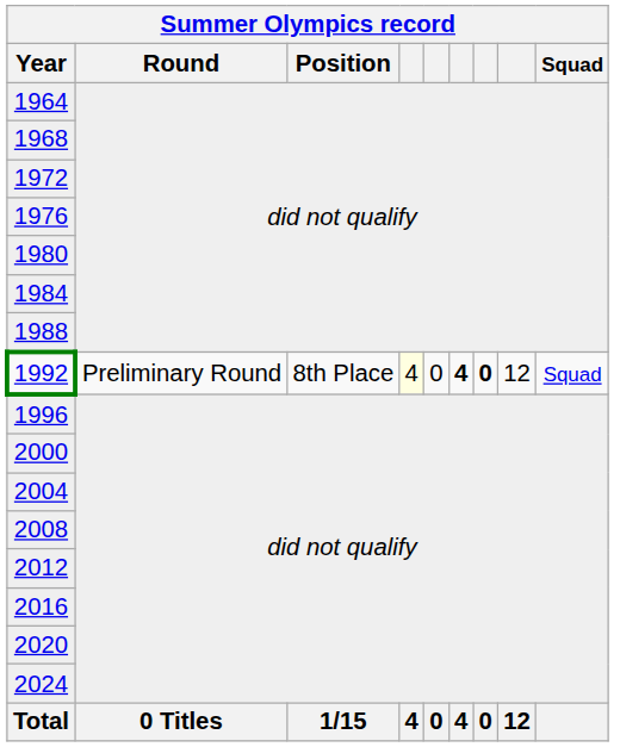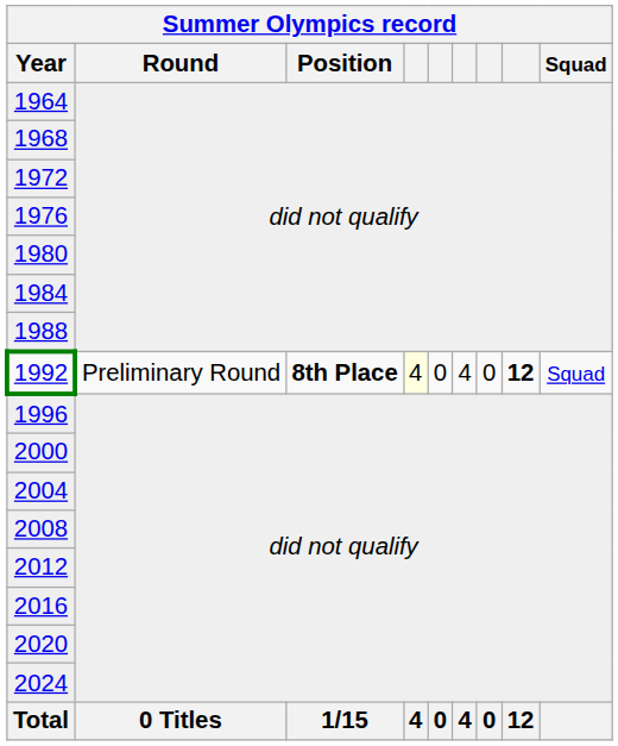 <table class="wikitable" style="text-align: center;">
 <tr>
 <th colspan=9><a href='#'>Summer Olympics record</a></th>
 </tr>
 <tr>
 <th>Year</th>
 <th>Round</th>
 <th>Position</th>
 <th></th>
 <th></th>
 <th></th>
 <th></th>
 <th></th>
 <th><small>Squad</small></th>
 </tr>
 <tr bgcolor="efefef">
 <td> <a href='#'>1964</a></td>
 <td colspan=9 rowspan=7 align=center><em>did not qualify</em></td>
 </tr>
 <tr bgcolor="efefef">
 <td> <a href='#'>1968</a></td>
 </tr>
 <tr bgcolor="efefef">
 <td> <a href='#'>1972</a></td>
 </tr>
 <tr bgcolor="efefef">
 <td> <a href='#'>1976</a></td>
 </tr>
 <tr bgcolor="efefef">
 <td> <a href='#'>1980</a></td>
 </tr>
 <tr bgcolor="efefef">
 <td> <a href='#'>1984</a></td>
 </tr>
 <tr bgcolor="efefef">
 <td> <a href='#'>1988</a></td>
 </tr>
 <tr>
 <td Style="border: 3px solid green"> <a href='#'>1992</a></td>
 <td>Preliminary Round</td>
-<td>8th Place</td>
+<td><strong>8th Place</strong></td>
 <td style="background: lightyellow;">4</td>
 <td>0</td>
-<td><strong>4</strong></td>
-<td><strong>0</strong></td>
-<td>12</td>
+<td>4</td>
+<td>0</td>
+<td><strong>12</strong></td>
 <td><small><a href='#'>Squad</a></small></td>
 </tr>
 <tr bgcolor="efefef">
 <td> <a href='#'>1996</a></td>
 <td colspan=10 rowspan=8><em>did not qualify</em></td>
 </tr>
 <tr bgcolor="efefef">
 <td> <a href='#'>2000</a></td>
 </tr>
 <tr bgcolor="efefef">
 <td> <a href='#'>2004</a></td>
 </tr>
 <tr bgcolor="efefef">
 <td> <a href='#'>2008</a></td>
 </tr>
 <tr bgcolor="efefef">
 <td> <a href='#'>2012</a></td>
 </tr>
 <tr bgcolor="efefef">
 <td> <a href='#'>2016</a></td>
 </tr>
 <tr bgcolor="efefef">
 <td> <a href='#'>2020</a></td>
 </tr>
 <tr bgcolor="efefef">
 <td> <a href='#'>2024</a></td>
 </tr>
 <tr>
 <th>Total</th>
 <th>0 Titles</th>
 <th>1/15</th>
 <th>4</th>
 <th>0</th>
 <th>4</th>
 <th>0</th>
 <th>12</th>
 <th></th>
 </tr>
 </table>
